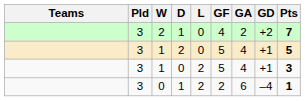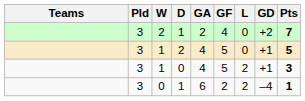 <table class="wikitable" style="text-align: center;">
 <tr>
 <th width=165>Teams</th>
 <th width=20>Pld</th>
 <th width=20>W</th>
 <th width=20>D</th>
+<th width=20>GA</th>
+<th width=20>GF</th>
 <th width=20>L</th>
-<th width=20>GF</th>
-<th width=20>GA</th>
 <th width=20>GD</th>
 <th width=20>Pts</th>
 </tr>
 <tr align=center style="background:#ccffcc;">
 <td style="text-align:left;"></td>
 <td>3</td>
 <td>2</td>
 <td>1</td>
+<td>2</td>
+<td>4</td>
 <td>0</td>
-<td>4</td>
-<td>2</td>
 <td>+2</td>
 <td><strong>7</strong></td>
 </tr>
 <tr align=center style="background:#faecc8;">
 <td style="text-align:left;"></td>
 <td>3</td>
 <td>1</td>
 <td>2</td>
+<td>4</td>
+<td>5</td>
 <td>0</td>
-<td>5</td>
-<td>4</td>
 <td>+1</td>
 <td><strong>5</strong></td>
 </tr>
 <tr>
 <td style="text-align:left;"></td>
 <td>3</td>
 <td>1</td>
 <td>0</td>
+<td>4</td>
+<td>5</td>
 <td>2</td>
-<td>5</td>
-<td>4</td>
 <td>+1</td>
 <td><strong>3</strong></td>
 </tr>
 <tr align=center>
 <td style="text-align:left;"></td>
 <td>3</td>
 <td>0</td>
 <td>1</td>
+<td>6</td>
 <td>2</td>
 <td>2</td>
-<td>6</td>
 <td>–4</td>
 <td><strong>1</strong></td>
 </tr>
 </table>
